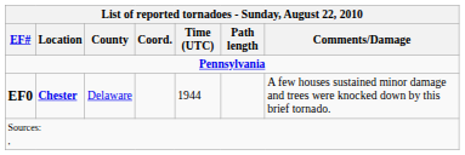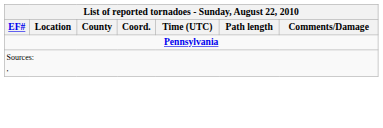 <table class="wikitable collapsible" width="100%">
 <tr>
 <th colspan="7">List of reported tornadoes - Sunday, August 22, 2010</th>
 </tr>
 <tr>
 <th><a href='#'>EF#</a></th>
 <th>Location</th>
 <th>County</th>
 <th>Coord.</th>
 <th>Time (UTC)</th>
 <th>Path length</th>
 <th>Comments/Damage</th>
 </tr>
 <tr>
 <td colspan="7" align=center><strong><a href='#'>Pennsylvania</a></strong></td>
 </tr>
 <tr>
-<td><big><strong>EF0</strong></big></td>
-<td><strong><a href='#'>Chester</a></strong></td>
-<td><a href='#'>Delaware</a></td>
-<td></td>
-<td>1944</td>
-<td></td>
-<td>A few houses sustained minor damage and trees were knocked down by this brief tornado.</td>
-</tr>
-<tr>
 <td colspan="7"><small>Sources:<br>, </small></td>
 </tr>
 </table>
